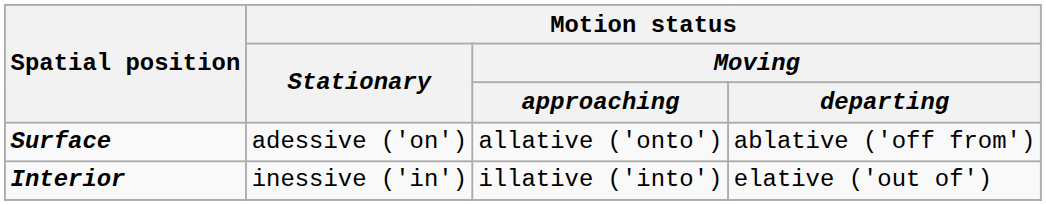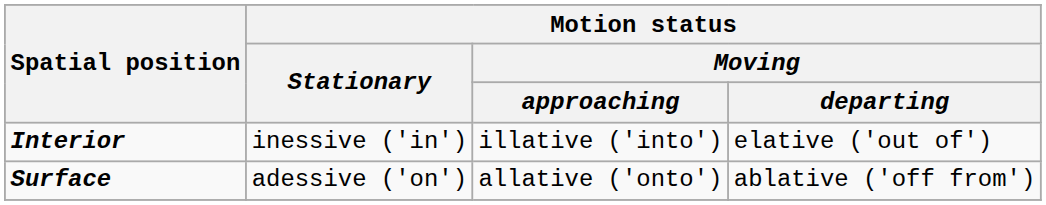 <table class="wikitable">
 <tr>
 <th rowspan="3">Spatial position</th>
 <th colspan="3">Motion status</th>
 </tr>
 <tr>
 <th rowspan="2"><em>Stationary</em></th>
 <th colspan="2"><em>Moving</em></th>
 </tr>
 <tr>
 <th><strong><em>approaching</em></strong></th>
 <th><strong><em>departing</em></strong></th>
 </tr>
 <tr>
+<td><strong><em>Interior</em></strong></td>
+<td>inessive ('in')<br></td>
+<td>illative ('into')<br></td>
+<td>elative ('out of')<br></td>
+</tr>
+<tr>
 <td><strong><em>Surface</em></strong></td>
 <td>adessive ('on')<br></td>
 <td>allative ('onto')<br></td>
 <td>ablative ('off from')<br></td>
 </tr>
-<tr>
-<td><strong><em>Interior</em></strong></td>
-<td>inessive ('in')<br></td>
-<td>illative ('into')<br></td>
-<td>elative ('out of')<br></td>
-</tr>
 </table>
